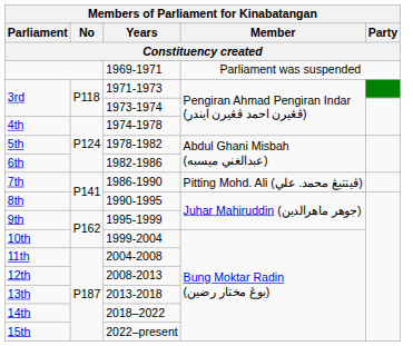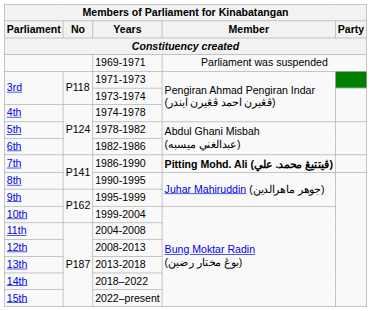 <table class=wikitable>
 <tr>
 <th colspan="5">Members of Parliament for Kinabatangan</th>
 </tr>
 <tr>
 <th>Parliament</th>
 <th>No</th>
 <th>Years</th>
 <th>Member</th>
 <th>Party</th>
 </tr>
 <tr>
 <th colspan="5" align="center"><em>Constituency created</em></th>
 </tr>
 <tr>
 <td colspan="2"></td>
 <td>1969-1971</td>
 <td colspan=2 align=center>Parliament was suspended</td>
 </tr>
 <tr>
 <td rowspan=2><a href='#'>3rd</a></td>
 <td rowspan="2">P118</td>
 <td>1971-1973</td>
 <td rowspan=3>Pengiran Ahmad Pengiran Indar <br> (ڤڠيرن احمد ڤڠيرن ايندر)</td>
 <td bgcolor=#008000></td>
 </tr>
 <tr>
 <td>1973-1974</td>
 <td rowspan="2"></td>
 </tr>
 <tr>
 <td><a href='#'>4th</a></td>
 <td rowspan="3">P124</td>
 <td>1974-1978</td>
 </tr>
 <tr>
 <td><a href='#'>5th</a></td>
 <td>1978-1982</td>
 <td rowspan=2>Abdul Ghani Misbah <br> (عبدالغني ميسبه)</td>
 <td rowspan="2"></td>
 </tr>
 <tr>
 <td><a href='#'>6th</a></td>
 <td>1982-1986</td>
 </tr>
 <tr>
 <td><a href='#'>7th</a></td>
 <td rowspan="2">P141</td>
 <td>1986-1990</td>
-<td>Pitting Mohd. Ali (ڤيتتيڠ محمد. علي)</td>
+<td><strong>Pitting Mohd. Ali (ڤيتتيڠ محمد. علي)</strong></td>
 <td></td>
 </tr>
 <tr>
 <td><a href='#'>8th</a></td>
 <td>1990-1995</td>
 <td rowspan=2><a href='#'>Juhar Mahiruddin</a>   (جوهر ماهرالدين‎)</td>
 <td rowspan="8"></td>
 </tr>
 <tr>
 <td><a href='#'>9th</a></td>
 <td rowspan="2">P162</td>
 <td>1995-1999</td>
 </tr>
 <tr>
 <td><a href='#'>10th</a></td>
 <td>1999-2004</td>
 <td rowspan="6"><a href='#'>Bung Moktar Radin</a> <br> (بوڠ مختار رضين‎)</td>
 </tr>
 <tr>
 <td><a href='#'>11th</a></td>
 <td rowspan="5">P187</td>
 <td>2004-2008</td>
 </tr>
 <tr>
 <td><a href='#'>12th</a></td>
 <td>2008-2013</td>
 </tr>
 <tr>
 <td><a href='#'>13th</a></td>
 <td>2013-2018</td>
 </tr>
 <tr>
 <td><a href='#'>14th</a></td>
 <td>2018–2022</td>
 </tr>
 <tr>
 <td><a href='#'>15th</a></td>
 <td>2022–present</td>
 </tr>
 </table>
